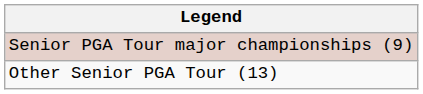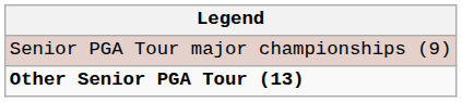 <table class="wikitable" style="font-size:95%;">
 <tr>
 <th>Legend</th>
 </tr>
 <tr style="background:#e5d1cb;">
 <td>Senior PGA Tour major championships (9)</td>
 </tr>
 <tr>
-<td>Other Senior PGA Tour (13)</td>
+<td><strong>Other Senior PGA Tour (13)</strong></td>
 </tr>
 </table>
